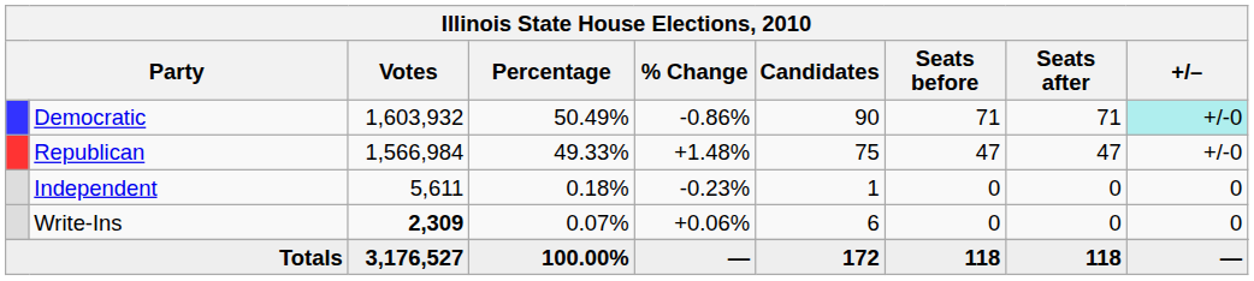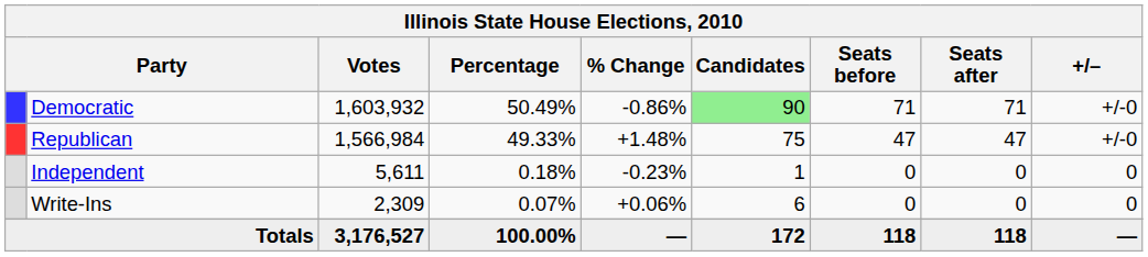 <table class="wikitable" style="font-size: 95%;">
 <tr style="background-color:#E9E9E9">
 <th colspan="9">Illinois State House Elections, 2010</th>
 </tr>
 <tr bgcolor="#EEEEEE" align="center">
 <th colspan=2 style="width: 15em">Party</th>
 <th style="width: 5em">Votes</th>
 <th style="width: 7em">Percentage</th>
 <th style="width: 5em">% Change</th>
 <th style="width: 5em">Candidates</th>
 <th style="width: 5em">Seats<br>before</th>
 <th style="width: 5em">Seats<br>after</th>
 <th style="width: 5em">+/–</th>
 </tr>
 <tr>
 <th style="background-color:#3333FF; width: 3px"></th>
 <td style="width: 130px"><a href='#'>Democratic</a></td>
 <td align="right">1,603,932</td>
 <td align="right">50.49%</td>
 <td align="right">-0.86%</td>
-<td align="right">90</td>
+<td align="right" style="background: lightgreen;">90</td>
 <td align="right">71</td>
 <td align="right">71</td>
-<td align="right" style="background: paleturquoise;">+/-0</td>
+<td align="right">+/-0</td>
 </tr>
 <tr>
 <th style="background-color:#FF3333; width: 3px"></th>
 <td style="width: 130px"><a href='#'>Republican</a></td>
 <td align="right">1,566,984</td>
 <td align="right">49.33%</td>
 <td align="right">+1.48%</td>
 <td align="right">75</td>
 <td align="right">47</td>
 <td align="right">47</td>
 <td align="right">+/-0</td>
 </tr>
 <tr>
 <th style="background-color:#DDDDDD; width: 3px"></th>
 <td style="width: 130px"><a href='#'>Independent</a></td>
 <td align="right">5,611</td>
 <td align="right">0.18%</td>
 <td align="right">-0.23%</td>
 <td align="right">1</td>
 <td align="right">0</td>
 <td align="right">0</td>
 <td align="right">0</td>
 </tr>
 <tr>
 <th style="background-color:#DDDDDD; width: 3px"></th>
 <td style="width: 130px">Write-Ins</td>
-<td align="right"><strong>2,309</strong></td>
+<td align="right">2,309</td>
 <td align="right">0.07%</td>
 <td align="right">+0.06%</td>
 <td align="right">6</td>
 <td align="right">0</td>
 <td align="right">0</td>
 <td align="right">0</td>
 </tr>
 <tr>
 </tr>
 <tr bgcolor="#EEEEEE">
 <td colspan="2" align="right"><strong>Totals</strong></td>
 <td align="right"><strong>3,176,527</strong></td>
 <td align="right"><strong>100.00%</strong></td>
 <td align="right"><strong>—</strong></td>
 <td align="right"><strong>172</strong></td>
 <td align="right"><strong>118</strong></td>
 <td align="right"><strong>118</strong></td>
 <td align="right"><strong>—</strong></td>
 </tr>
 </table>
